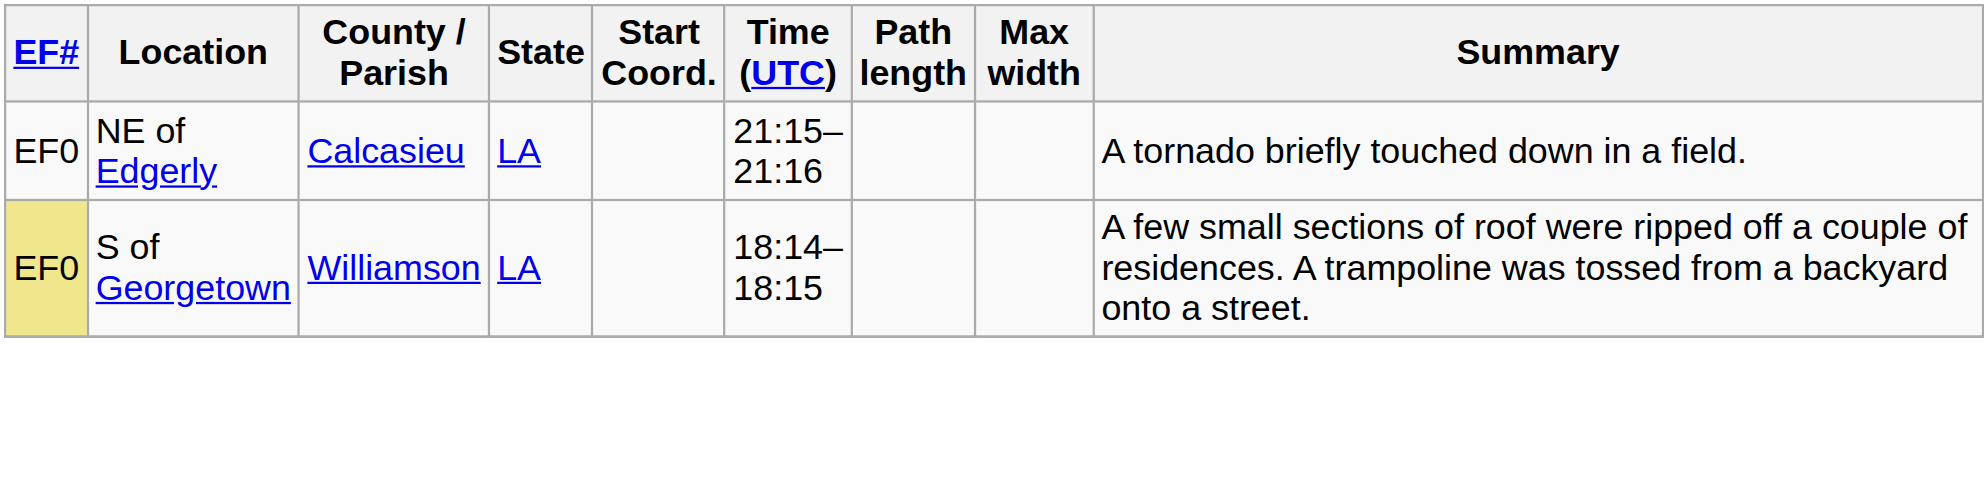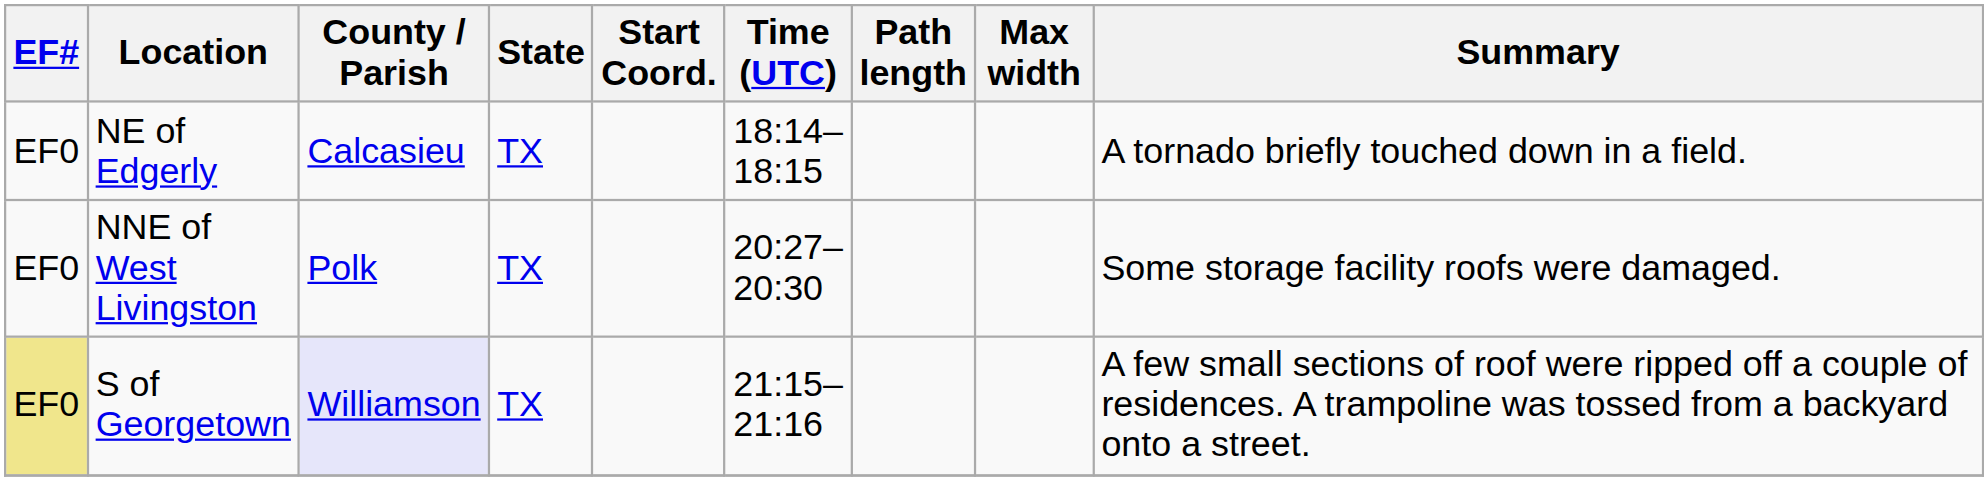 <table class="wikitable sortable" style="width:100%;">
 <tr>
 <th scope="col"  style="width:3%; text-align:center;"><a href='#'>EF#</a></th>
 <th scope="col"  style="width:7%; text-align:center;" class="unsortable">Location</th>
 <th scope="col"  style="width:6%; text-align:center;" class="unsortable">County / Parish</th>
 <th scope="col"  style="width:5%; text-align:center;">State</th>
 <th scope="col"  style="width:6%; text-align:center;">Start Coord.</th>
 <th scope="col"  style="width:6%; text-align:center;">Time (<a href='#'>UTC</a>)</th>
 <th scope="col"  style="width:6%; text-align:center;">Path length</th>
 <th scope="col"  style="width:6%; text-align:center;">Max width</th>
 <th scope="col" class="unsortable" style="width:48%; text-align:center;">Summary</th>
 </tr>
 <tr>
 <td>EF0</td>
 <td>NE of <a href='#'>Edgerly</a></td>
 <td><a href='#'>Calcasieu</a></td>
-<td><a href='#'>LA</a></td>
+<td><a href='#'>TX</a></td>
 <td></td>
-<td>21:15–21:16</td>
+<td>18:14–18:15</td>
 <td></td>
 <td></td>
 <td>A tornado briefly touched down in a field.</td>
 </tr>
 <tr>
+<td>EF0</td>
+<td>NNE of <a href='#'>West Livingston</a></td>
+<td><a href='#'>Polk</a></td>
+<td><a href='#'>TX</a></td>
+<td></td>
+<td>20:27–20:30</td>
+<td></td>
+<td></td>
+<td>Some storage facility roofs were damaged.</td>
+</tr>
+<tr>
 <td style="background: khaki;">EF0</td>
 <td>S of <a href='#'>Georgetown</a></td>
-<td><a href='#'>Williamson</a></td>
-<td><a href='#'>LA</a></td>
+<td style="background: lavender;"><a href='#'>Williamson</a></td>
+<td><a href='#'>TX</a></td>
 <td></td>
-<td>18:14–18:15</td>
+<td>21:15–21:16</td>
 <td></td>
 <td></td>
 <td>A few small sections of roof were ripped off a couple of residences. A trampoline was tossed from a backyard onto a street.</td>
 </tr>
 <tr>
 </tr>
 </table>
